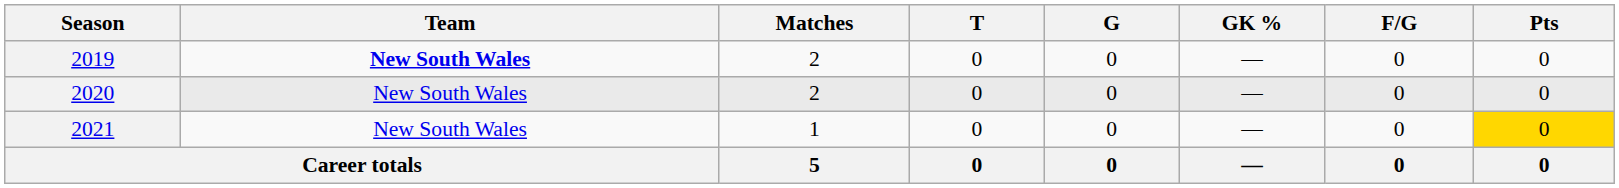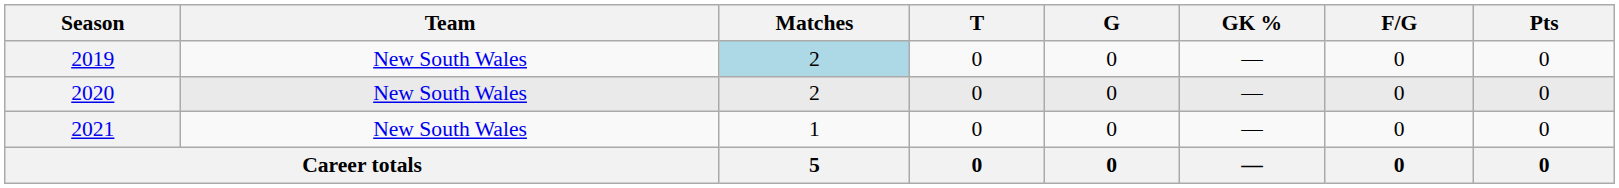 <table class="wikitable sortable"  style="font-size:90%; text-align:center; width:85%;">
 <tr>
 <th width=2%>Season</th>
 <th width=8%>Team</th>
 <th width=2%>Matches</th>
 <th width=2%>T</th>
 <th width=2%>G</th>
 <th width=2%>GK %</th>
 <th width=2%>F/G</th>
 <th width=2%>Pts</th>
 </tr>
 <tr>
 <th scope="row" style="text-align:center; font-weight:normal"><a href='#'>2019</a></th>
-<td style="text-align:center;"><strong> <a href='#'>New South Wales</a></strong></td>
-<td>2</td>
+<td style="text-align:center;"> <a href='#'>New South Wales</a></td>
+<td style="background: lightblue;">2</td>
 <td>0</td>
 <td>0</td>
 <td>—</td>
 <td>0</td>
 <td>0</td>
 </tr>
 <tr style="background:#eaeaea;">
 <th scope="row" style="text-align:center; font-weight:normal"><a href='#'>2020</a></th>
 <td style="text-align:center;"> <a href='#'>New South Wales</a></td>
 <td>2</td>
 <td>0</td>
 <td>0</td>
 <td>—</td>
 <td>0</td>
 <td>0</td>
 </tr>
 <tr>
 <th scope="row" style="text-align:center; font-weight:normal"><a href='#'>2021</a></th>
 <td style="text-align:center;"> <a href='#'>New South Wales</a></td>
 <td>1</td>
 <td>0</td>
 <td>0</td>
 <td>—</td>
 <td>0</td>
-<td style="background: gold;">0</td>
+<td>0</td>
 </tr>
 <tr class="sortbottom">
 <th colspan=2>Career totals</th>
 <th>5</th>
 <th>0</th>
 <th>0</th>
 <th>—</th>
 <th>0</th>
 <th>0</th>
 </tr>
 </table>
